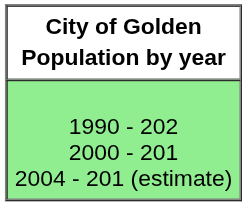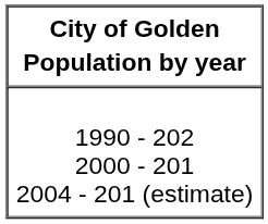 <table border="1" cellspacing="0" cellpadding="5" style="float:right; margin-left:15px;">
 <tr>
 <td align=center><strong>City of Golden<br>Population by year <sup></sup></strong></td>
 </tr>
 <tr>
-<td align="center" style="background: lightgreen;"><br>1990 - 202<br> 2000 - 201<br> 2004 - 201 (estimate)<br></td>
+<td align="center"><br>1990 - 202<br> 2000 - 201<br> 2004 - 201 (estimate)<br></td>
 </tr>
 </table>
